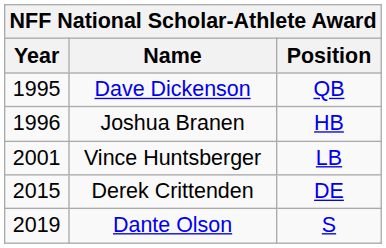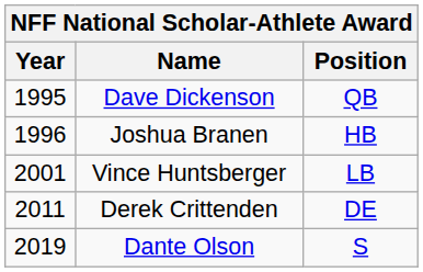 <table class="wikitable">
 <tr align="center">
 <th colspan=5>NFF National Scholar-Athlete Award</th>
 </tr>
 <tr>
 <th>Year</th>
 <th>Name</th>
 <th>Position</th>
 </tr>
 <tr align="center" bgcolor="">
 <td>1995</td>
 <td><a href='#'>Dave Dickenson</a></td>
 <td><a href='#'>QB</a></td>
 </tr>
 <tr align="center" bgcolor="">
 <td>1996</td>
 <td>Joshua Branen</td>
 <td><a href='#'>HB</a></td>
 </tr>
 <tr align="center" bgcolor="">
 <td>2001</td>
 <td>Vince Huntsberger</td>
 <td><a href='#'>LB</a></td>
 </tr>
 <tr align="center" bgcolor="">
-<td>2015</td>
+<td>2011</td>
 <td>Derek Crittenden</td>
 <td><a href='#'>DE</a></td>
 </tr>
 <tr align="center" bgcolor="">
 <td>2019</td>
 <td><a href='#'>Dante Olson</a></td>
 <td><a href='#'>S</a></td>
 </tr>
 </table>
